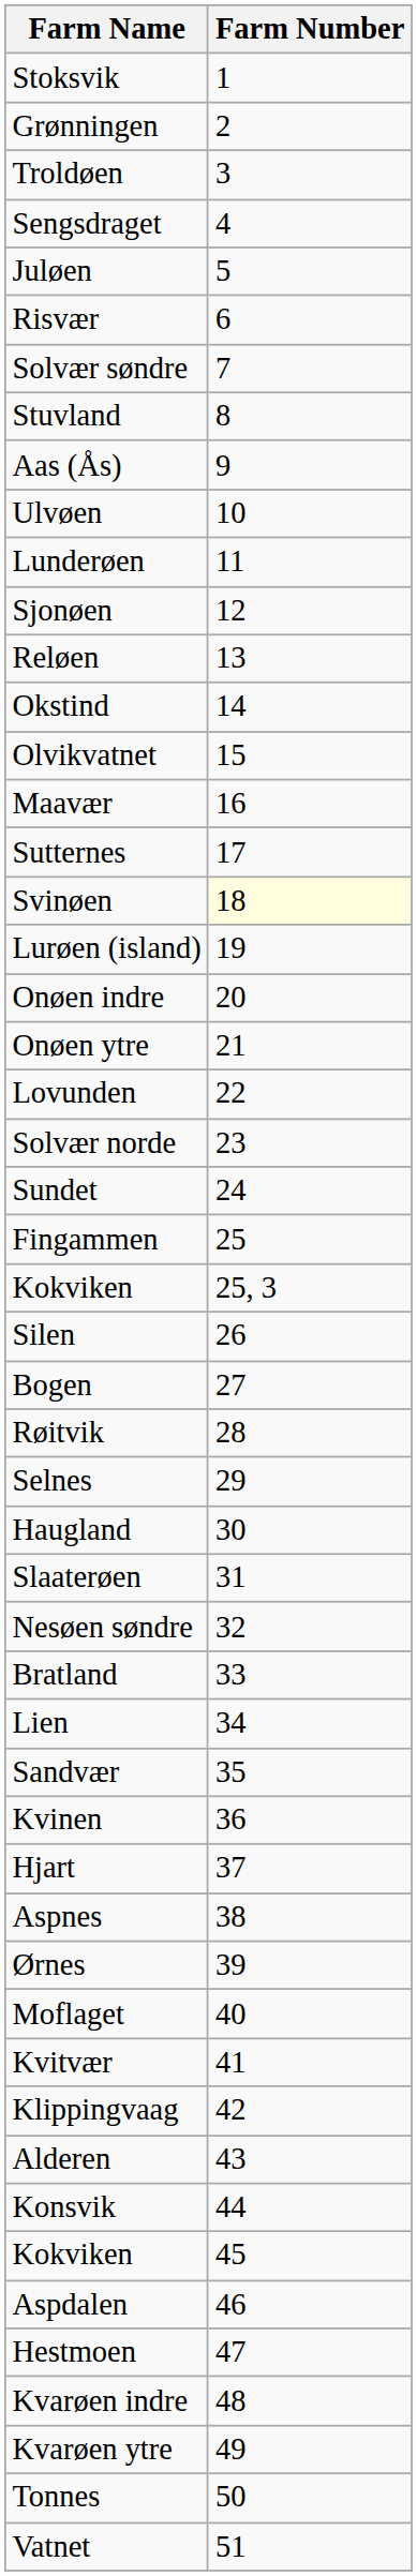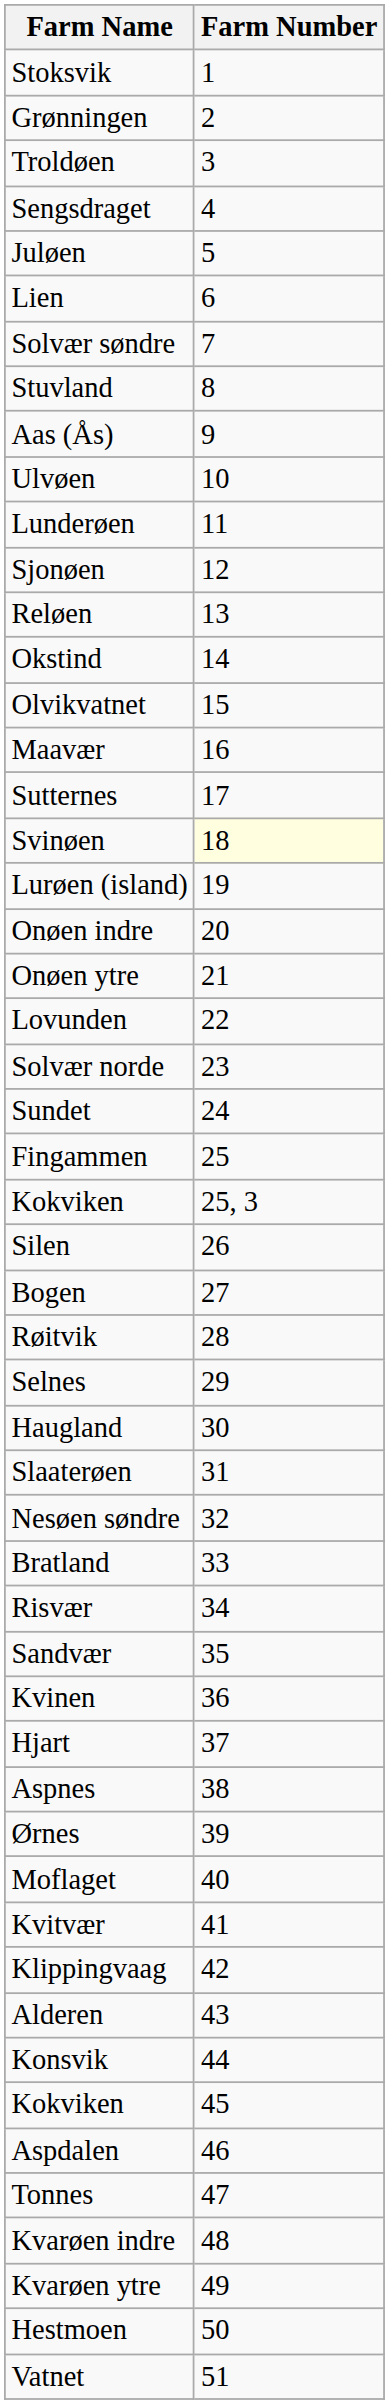 <table class="wikitable sortable mw-collapsible">
 <tr>
 <th>Farm Name</th>
 <th>Farm Number</th>
 </tr>
 <tr>
 <td>Stoksvik</td>
 <td>1</td>
 </tr>
 <tr>
 <td>Grønningen</td>
 <td>2</td>
 </tr>
 <tr>
 <td>Troldøen</td>
 <td>3</td>
 </tr>
 <tr>
 <td>Sengsdraget</td>
 <td>4</td>
 </tr>
 <tr>
 <td>Juløen</td>
 <td>5</td>
 </tr>
 <tr>
-<td>Risvær</td>
+<td>Lien</td>
 <td>6</td>
 </tr>
 <tr>
 <td>Solvær søndre</td>
 <td>7</td>
 </tr>
 <tr>
 <td>Stuvland</td>
 <td>8</td>
 </tr>
 <tr>
 <td>Aas (Ås)</td>
 <td>9</td>
 </tr>
 <tr>
 <td>Ulvøen</td>
 <td>10</td>
 </tr>
 <tr>
 <td>Lunderøen</td>
 <td>11</td>
 </tr>
 <tr>
 <td>Sjonøen</td>
 <td>12</td>
 </tr>
 <tr>
 <td>Reløen</td>
 <td>13</td>
 </tr>
 <tr>
 <td>Okstind</td>
 <td>14</td>
 </tr>
 <tr>
 <td>Olvikvatnet</td>
 <td>15</td>
 </tr>
 <tr>
 <td>Maavær</td>
 <td>16</td>
 </tr>
 <tr>
 <td>Sutternes</td>
 <td>17</td>
 </tr>
 <tr>
 <td>Svinøen</td>
 <td style="background: lightyellow;">18</td>
 </tr>
 <tr>
 <td>Lurøen (island)</td>
 <td>19</td>
 </tr>
 <tr>
 <td>Onøen indre</td>
 <td>20</td>
 </tr>
 <tr>
 <td>Onøen ytre</td>
 <td>21</td>
 </tr>
 <tr>
 <td>Lovunden</td>
 <td>22</td>
 </tr>
 <tr>
 <td>Solvær norde</td>
 <td>23</td>
 </tr>
 <tr>
 <td>Sundet</td>
 <td>24</td>
 </tr>
 <tr>
 <td>Fingammen</td>
 <td>25</td>
 </tr>
 <tr>
 <td>Kokviken</td>
 <td>25, 3</td>
 </tr>
 <tr>
 <td>Silen</td>
 <td>26</td>
 </tr>
 <tr>
 <td>Bogen</td>
 <td>27</td>
 </tr>
 <tr>
 <td>Røitvik</td>
 <td>28</td>
 </tr>
 <tr>
 <td>Selnes</td>
 <td>29</td>
 </tr>
 <tr>
 <td>Haugland</td>
 <td>30</td>
 </tr>
 <tr>
 <td>Slaaterøen</td>
 <td>31</td>
 </tr>
 <tr>
 <td>Nesøen søndre</td>
 <td>32</td>
 </tr>
 <tr>
 <td>Bratland</td>
 <td>33</td>
 </tr>
 <tr>
-<td>Lien</td>
+<td>Risvær</td>
 <td>34</td>
 </tr>
 <tr>
 <td>Sandvær</td>
 <td>35</td>
 </tr>
 <tr>
 <td>Kvinen</td>
 <td>36</td>
 </tr>
 <tr>
 <td>Hjart</td>
 <td>37</td>
 </tr>
 <tr>
 <td>Aspnes</td>
 <td>38</td>
 </tr>
 <tr>
 <td>Ørnes</td>
 <td>39</td>
 </tr>
 <tr>
 <td>Moflaget</td>
 <td>40</td>
 </tr>
 <tr>
 <td>Kvitvær</td>
 <td>41</td>
 </tr>
 <tr>
 <td>Klippingvaag</td>
 <td>42</td>
 </tr>
 <tr>
 <td>Alderen</td>
 <td>43</td>
 </tr>
 <tr>
 <td>Konsvik</td>
 <td>44</td>
 </tr>
 <tr>
 <td>Kokviken</td>
 <td>45</td>
 </tr>
 <tr>
 <td>Aspdalen</td>
 <td>46</td>
 </tr>
 <tr>
-<td>Hestmoen</td>
+<td>Tonnes</td>
 <td>47</td>
 </tr>
 <tr>
 <td>Kvarøen indre</td>
 <td>48</td>
 </tr>
 <tr>
 <td>Kvarøen ytre</td>
 <td>49</td>
 </tr>
 <tr>
-<td>Tonnes</td>
+<td>Hestmoen</td>
 <td>50</td>
 </tr>
 <tr>
 <td>Vatnet</td>
 <td>51</td>
 </tr>
 </table>
